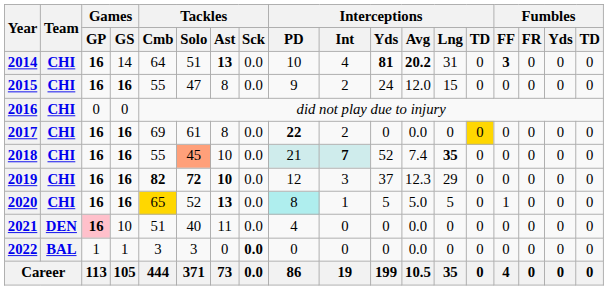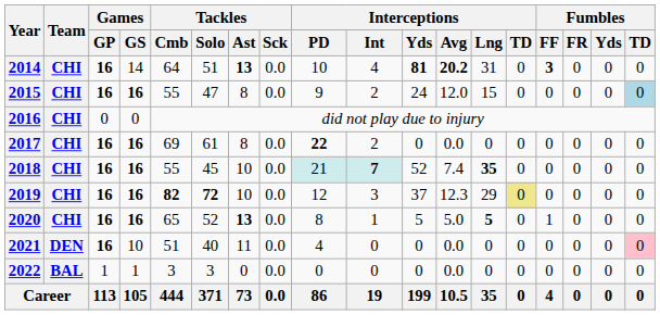 <table class="wikitable" style="text-align:center;">
 <tr>
 <th rowspan="2">Year</th>
 <th rowspan="2">Team</th>
 <th colspan="2">Games</th>
 <th colspan="4">Tackles</th>
 <th colspan="6">Interceptions</th>
 <th colspan="4">Fumbles</th>
 </tr>
 <tr>
 <th>GP</th>
 <th>GS</th>
 <th>Cmb</th>
 <th>Solo</th>
 <th>Ast</th>
 <th>Sck</th>
 <th>PD</th>
 <th>Int</th>
 <th>Yds</th>
 <th>Avg</th>
 <th>Lng</th>
 <th>TD</th>
 <th>FF</th>
 <th>FR</th>
 <th>Yds</th>
 <th>TD</th>
 </tr>
 <tr>
 <th><a href='#'>2014</a></th>
 <th><a href='#'>CHI</a></th>
 <td><strong>16</strong></td>
 <td>14</td>
 <td>64</td>
 <td>51</td>
 <td><strong>13</strong></td>
 <td>0.0</td>
 <td>10</td>
 <td>4</td>
 <td><strong>81</strong></td>
 <td><strong>20.2</strong></td>
 <td>31</td>
 <td>0</td>
 <td><strong>3</strong></td>
 <td>0</td>
 <td>0</td>
 <td>0</td>
 </tr>
 <tr>
 <th><a href='#'>2015</a></th>
 <th><a href='#'>CHI</a></th>
 <td><strong>16</strong></td>
 <td><strong>16</strong></td>
 <td>55</td>
 <td>47</td>
 <td>8</td>
 <td>0.0</td>
 <td>9</td>
 <td>2</td>
 <td>24</td>
 <td>12.0</td>
 <td>15</td>
 <td>0</td>
 <td>0</td>
 <td>0</td>
 <td>0</td>
-<td>0</td>
+<td style="background: lightblue;">0</td>
 </tr>
 <tr>
 <th><a href='#'>2016</a></th>
 <th><a href='#'>CHI</a></th>
 <td>0</td>
 <td>0</td>
 <td colspan="14"><em>did not play due to injury</em></td>
 </tr>
 <tr>
 <th><a href='#'>2017</a></th>
 <th><a href='#'>CHI</a></th>
 <td><strong>16</strong></td>
 <td><strong>16</strong></td>
 <td>69</td>
 <td>61</td>
 <td>8</td>
 <td>0.0</td>
 <td><strong>22</strong></td>
 <td>2</td>
 <td>0</td>
 <td>0.0</td>
 <td>0</td>
-<td style="background: gold;">0</td>
+<td>0</td>
 <td>0</td>
 <td>0</td>
 <td>0</td>
 <td>0</td>
 </tr>
 <tr>
 <th><a href='#'>2018</a></th>
 <th><a href='#'>CHI</a></th>
 <td><strong>16</strong></td>
 <td><strong>16</strong></td>
 <td>55</td>
-<td style="background: lightsalmon;">45</td>
+<td>45</td>
 <td>10</td>
 <td>0.0</td>
 <td style="background:#cfecec; width:3em;">21</td>
 <td style="background:#cfecec; width:3em;"><strong>7</strong></td>
 <td>52</td>
 <td>7.4</td>
 <td><strong>35</strong></td>
 <td>0</td>
 <td>0</td>
 <td>0</td>
 <td>0</td>
 <td>0</td>
 </tr>
 <tr>
 <th><a href='#'>2019</a></th>
 <th><a href='#'>CHI</a></th>
 <td><strong>16</strong></td>
 <td><strong>16</strong></td>
 <td><strong>82</strong></td>
 <td><strong>72</strong></td>
-<td><strong>10</strong></td>
+<td>10</td>
 <td>0.0</td>
 <td>12</td>
 <td>3</td>
 <td>37</td>
 <td>12.3</td>
 <td>29</td>
-<td>0</td>
+<td style="background: khaki;">0</td>
 <td>0</td>
 <td>0</td>
 <td>0</td>
 <td>0</td>
 </tr>
 <tr>
 <th><a href='#'>2020</a></th>
 <th><a href='#'>CHI</a></th>
 <td><strong>16</strong></td>
 <td><strong>16</strong></td>
-<td style="background: gold;">65</td>
+<td>65</td>
 <td>52</td>
 <td><strong>13</strong></td>
 <td>0.0</td>
-<td style="background: paleturquoise;">8</td>
+<td>8</td>
 <td>1</td>
 <td>5</td>
 <td>5.0</td>
-<td>5</td>
+<td><strong>5</strong></td>
 <td>0</td>
 <td>1</td>
 <td>0</td>
 <td>0</td>
 <td>0</td>
 </tr>
 <tr>
 <th><a href='#'>2021</a></th>
 <th><a href='#'>DEN</a></th>
-<td style="background: pink;"><strong>16</strong></td>
+<td><strong>16</strong></td>
 <td>10</td>
 <td>51</td>
 <td>40</td>
 <td>11</td>
 <td>0.0</td>
 <td>4</td>
 <td>0</td>
 <td>0</td>
 <td>0.0</td>
 <td>0</td>
 <td>0</td>
 <td>0</td>
 <td>0</td>
 <td>0</td>
-<td>0</td>
+<td style="background: pink;">0</td>
 </tr>
 <tr>
 <th><a href='#'>2022</a></th>
 <th><a href='#'>BAL</a></th>
 <td>1</td>
 <td>1</td>
 <td>3</td>
 <td>3</td>
 <td>0</td>
-<td><strong>0.0</strong></td>
+<td>0.0</td>
 <td>0</td>
 <td>0</td>
 <td>0</td>
 <td>0.0</td>
 <td>0</td>
 <td>0</td>
 <td>0</td>
 <td>0</td>
 <td>0</td>
 <td>0</td>
 </tr>
 <tr>
 <th colspan="2">Career</th>
 <th>113</th>
 <th>105</th>
 <th>444</th>
 <th>371</th>
 <th>73</th>
 <th>0.0</th>
 <th>86</th>
 <th>19</th>
 <th>199</th>
 <th>10.5</th>
 <th>35</th>
 <th>0</th>
 <th>4</th>
 <th>0</th>
 <th>0</th>
 <th>0</th>
 </tr>
 </table>
